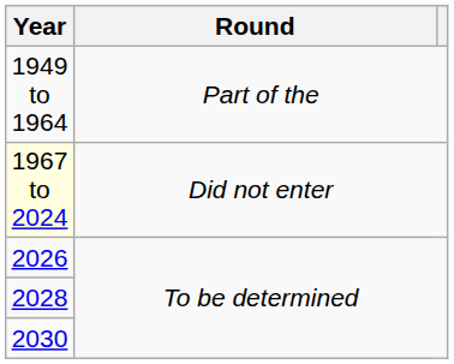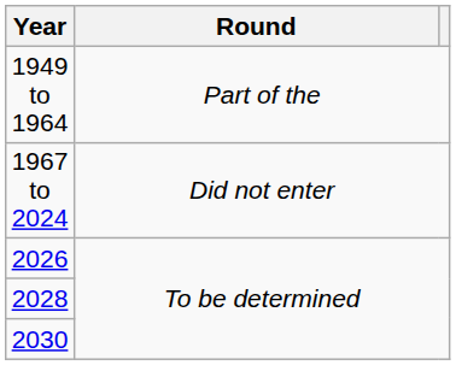 <table class="wikitable" style="text-align: center; font-size:90%">
 <tr>
 <th>Year</th>
 <th style="width:200px">Round</th>
 <th></th>
 </tr>
 <tr>
 <td>1949<br>to<br>1964</td>
 <td colspan="2"><em>Part of the </em></td>
 </tr>
 <tr>
-<td style="background: lightyellow;">1967<br>to<br><a href='#'>2024</a></td>
+<td>1967<br>to<br><a href='#'>2024</a></td>
 <td colspan="2"><em>Did not enter</em></td>
 </tr>
 <tr>
 <td><a href='#'>2026</a></td>
 <td colspan="2" rowspan="3"><em>To be determined</em></td>
 </tr>
 <tr>
 <td><a href='#'>2028</a></td>
 </tr>
 <tr>
 <td><a href='#'>2030</a></td>
 </tr>
 </table>
